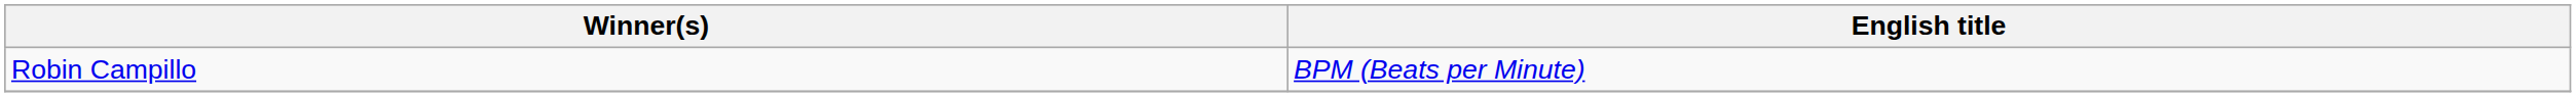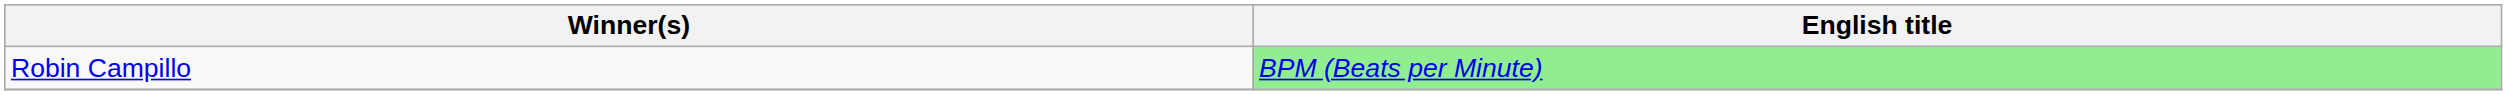 <table class="wikitable" width="95%" cellpadding="5">
 <tr>
 <th width="18%">Winner(s)</th>
 <th width="18%">English title</th>
 </tr>
 <tr>
 <td> <a href='#'>Robin Campillo</a></td>
-<td><em><a href='#'>BPM (Beats per Minute)</a></em></td>
+<td style="background: lightgreen;"><em><a href='#'>BPM (Beats per Minute)</a></em></td>
 </tr>
 <tr>
 </tr>
 </table>
